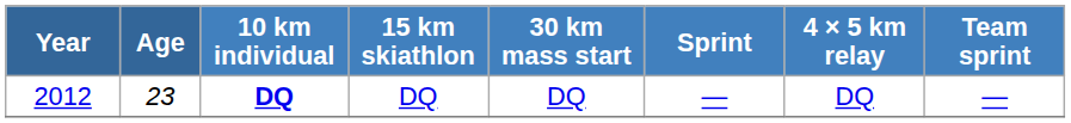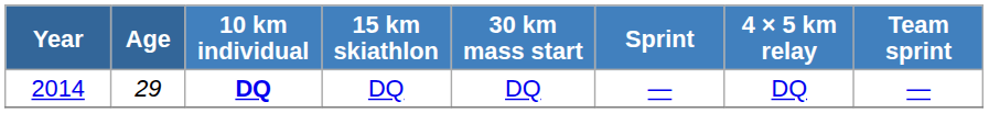 <table class="wikitable" style="font-size:95%; text-align:center; border:grey solid 1px; border-collapse:collapse; background:#ffffff;">
 <tr>
 <th style="background-color:#369; color:white; width:60px;"> Year </th>
 <th style="background-color:#369; color:white; width:40px;"> Age </th>
 <th style="background-color:#4180be; color:white; width:75px;"> 10 km <br> individual </th>
 <th style="background-color:#4180be; color:white; width:75px;"> 15 km <br> skiathlon </th>
 <th style="background-color:#4180be; color:white; width:75px;"> 30 km <br> mass start </th>
 <th style="background-color:#4180be; color:white; width:75px;"> Sprint </th>
 <th style="background-color:#4180be; color:white; width:75px;"> 4 × 5 km <br> relay </th>
 <th style="background-color:#4180be; color:white; width:75px;"> Team <br> sprint </th>
 </tr>
 <tr>
-<td><a href='#'>2012</a></td>
-<td><em>23</em></td>
+<td><a href='#'>2014</a></td>
+<td><em>29</em></td>
 <td><strong><a href='#'>DQ</a></strong></td>
 <td><a href='#'>DQ</a></td>
 <td><a href='#'>DQ</a></td>
 <td><a href='#'>—</a></td>
 <td><a href='#'>DQ</a></td>
 <td><a href='#'>—</a></td>
 </tr>
 <tr>
 </tr>
 </table>
